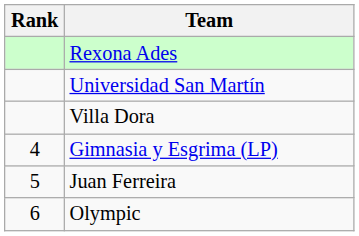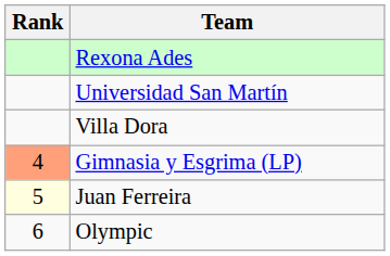 <table class="wikitable" style="text-align: center;">
 <tr>
 <th width=40>Rank</th>
 <th width=220>Team</th>
 </tr>
 <tr bgcolor=#ccffcc align=center>
 <td></td>
 <td style="text-align:left;"> <a href='#'>Rexona Ades</a></td>
 </tr>
 <tr align=center>
 <td></td>
 <td style="text-align:left;"> <a href='#'>Universidad San Martín</a></td>
 </tr>
 <tr align=center>
 <td></td>
 <td style="text-align:left;"> Villa Dora</td>
 </tr>
 <tr align=center>
-<td>4</td>
+<td style="background: lightsalmon;">4</td>
 <td style="text-align:left;"> <a href='#'>Gimnasia y Esgrima (LP)</a></td>
 </tr>
 <tr align=center>
-<td>5</td>
+<td style="background: lightyellow;">5</td>
 <td style="text-align:left;"> Juan Ferreira</td>
 </tr>
 <tr align=center>
 <td>6</td>
 <td style="text-align:left;"> Olympic</td>
 </tr>
 </table>
